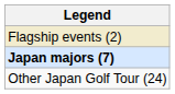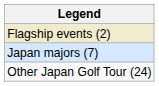 <table class="wikitable" style="font-size:95%;">
 <tr>
 <th>Legend</th>
 </tr>
 <tr style="background:#f2ecce;">
 <td>Flagship events (2)</td>
 </tr>
 <tr style="background:#D6E8FF;">
-<td><strong>Japan majors (7)</strong></td>
+<td>Japan majors (7)</td>
 </tr>
 <tr>
 <td>Other Japan Golf Tour (24)</td>
 </tr>
 </table>
